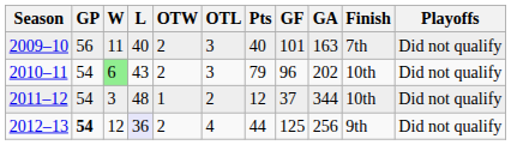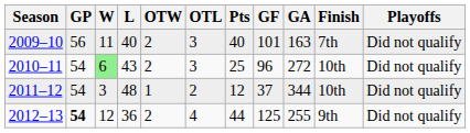 <table class="wikitable">
 <tr>
 <th>Season</th>
 <th>GP</th>
 <th>W</th>
 <th>L</th>
 <th>OTW</th>
 <th>OTL</th>
 <th>Pts</th>
 <th>GF</th>
 <th>GA</th>
 <th>Finish</th>
 <th>Playoffs</th>
 </tr>
 <tr style="background:#eee;">
 <td><a href='#'>2009–10</a></td>
 <td>56</td>
 <td>11</td>
 <td>40</td>
 <td>2</td>
 <td>3</td>
 <td>40</td>
 <td>101</td>
 <td>163</td>
 <td>7th</td>
 <td>Did not qualify</td>
 </tr>
 <tr>
 <td><a href='#'>2010–11</a></td>
 <td>54</td>
 <td style="background: lightgreen;">6</td>
 <td>43</td>
 <td>2</td>
 <td>3</td>
-<td>79</td>
+<td>25</td>
 <td>96</td>
-<td>202</td>
+<td>272</td>
 <td>10th</td>
 <td>Did not qualify</td>
 </tr>
 <tr style="background:#eee;">
 <td><a href='#'>2011–12</a></td>
 <td>54</td>
 <td>3</td>
 <td>48</td>
 <td>1</td>
 <td>2</td>
 <td>12</td>
 <td>37</td>
 <td>344</td>
 <td>10th</td>
 <td>Did not qualify</td>
 </tr>
 <tr>
 <td><a href='#'>2012–13</a></td>
 <td><strong>54</strong></td>
 <td>12</td>
-<td style="background: lavender;">36</td>
+<td>36</td>
 <td>2</td>
 <td>4</td>
 <td>44</td>
 <td>125</td>
-<td>256</td>
+<td>255</td>
 <td>9th</td>
 <td>Did not qualify</td>
 </tr>
 </table>
